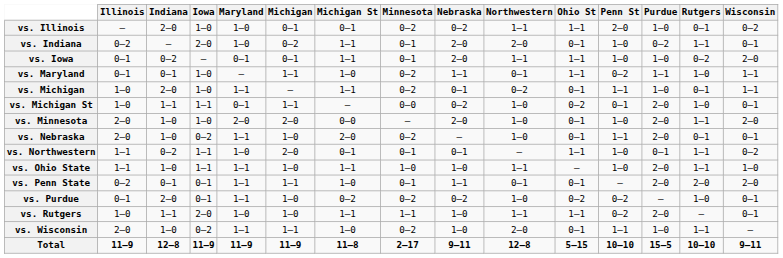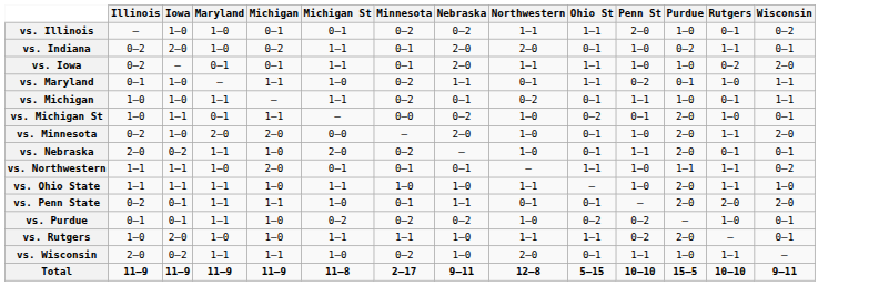 <table class="wikitable" style="white-space:nowrap; font-size:90%; text-align:center;">
 <tr>
 <td style="background:white; border-top-style:hidden; border-left-style:hidden;"></td>
 <th style="background:#">Illinois</th>
-<th style=>Indiana</th>
 <th style=>Iowa</th>
 <th style=>Maryland</th>
 <th style=>Michigan</th>
 <th style=>Michigan St</th>
 <th style=>Minnesota</th>
 <th style=>Nebraska</th>
 <th style=>Northwestern</th>
 <th style=>Ohio St</th>
 <th style=>Penn St</th>
 <th style=>Purdue</th>
 <th style=>Rutgers</th>
 <th style=>Wisconsin</th>
 </tr>
 <tr>
 <th>vs. Illinois</th>
 <td>–</td>
-<td>2–0</td>
 <td>1–0</td>
 <td>1–0</td>
 <td>0–1</td>
 <td>0–1</td>
 <td>0–2</td>
 <td>0–2</td>
 <td>1–1</td>
 <td>1–1</td>
 <td>2–0</td>
 <td>1–0</td>
 <td>0–1</td>
 <td>0–2</td>
 </tr>
 <tr>
 <th>vs. Indiana</th>
 <td>0–2</td>
-<td>–</td>
 <td>2–0</td>
 <td>1–0</td>
 <td>0–2</td>
 <td>1–1</td>
 <td>0–1</td>
 <td>2–0</td>
 <td>2–0</td>
 <td>0–1</td>
 <td>1–0</td>
 <td>0–2</td>
 <td>1–1</td>
 <td>0–1</td>
 </tr>
 <tr>
 <th>vs. Iowa</th>
-<td>0–1</td>
 <td>0–2</td>
 <td>–</td>
 <td>0–1</td>
 <td>0–1</td>
 <td>1–1</td>
 <td>0–1</td>
 <td>2–0</td>
 <td>1–1</td>
 <td>1–1</td>
 <td>1–0</td>
 <td>1–0</td>
 <td>0–2</td>
 <td>2–0</td>
 </tr>
 <tr>
 <th>vs. Maryland</th>
 <td>0–1</td>
-<td>0–1</td>
 <td>1–0</td>
 <td>–</td>
 <td>1–1</td>
 <td>1–0</td>
 <td>0–2</td>
 <td>1–1</td>
 <td>0–1</td>
 <td>1–1</td>
 <td>0–2</td>
-<td>1–1</td>
+<td>0–1</td>
 <td>1–0</td>
 <td>1–1</td>
 </tr>
 <tr>
 <th>vs. Michigan</th>
 <td>1–0</td>
-<td>2–0</td>
 <td>1–0</td>
 <td>1–1</td>
 <td>–</td>
 <td>1–1</td>
 <td>0–2</td>
 <td>0–1</td>
 <td>0–2</td>
 <td>0–1</td>
 <td>1–1</td>
 <td>1–0</td>
 <td>0–1</td>
 <td>1–1</td>
 </tr>
 <tr>
 <th>vs. Michigan St</th>
 <td>1–0</td>
 <td>1–1</td>
-<td>1–1</td>
 <td>0–1</td>
 <td>1–1</td>
 <td>–</td>
 <td>0–0</td>
 <td>0–2</td>
 <td>1–0</td>
 <td>0–2</td>
 <td>0–1</td>
 <td>2–0</td>
 <td>1–0</td>
 <td>0–1</td>
 </tr>
 <tr>
 <th>vs. Minnesota</th>
-<td>2–0</td>
-<td>1–0</td>
+<td>0–2</td>
 <td>1–0</td>
 <td>2–0</td>
 <td>2–0</td>
 <td>0–0</td>
 <td>–</td>
 <td>2–0</td>
 <td>1–0</td>
 <td>0–1</td>
 <td>1–0</td>
 <td>2–0</td>
 <td>1–1</td>
 <td>2–0</td>
 </tr>
 <tr>
 <th>vs. Nebraska</th>
 <td>2–0</td>
-<td>1–0</td>
 <td>0–2</td>
 <td>1–1</td>
 <td>1–0</td>
 <td>2–0</td>
 <td>0–2</td>
 <td>–</td>
 <td>1–0</td>
 <td>0–1</td>
 <td>1–1</td>
 <td>2–0</td>
 <td>0–1</td>
 <td>0–1</td>
 </tr>
 <tr>
 <th>vs. Northwestern</th>
 <td>1–1</td>
-<td>0–2</td>
 <td>1–1</td>
 <td>1–0</td>
 <td>2–0</td>
 <td>0–1</td>
 <td>0–1</td>
 <td>0–1</td>
 <td>–</td>
 <td>1–1</td>
 <td>1–0</td>
-<td>0–1</td>
+<td>1–1</td>
 <td>1–1</td>
 <td>0–2</td>
 </tr>
 <tr>
 <th>vs. Ohio State</th>
 <td>1–1</td>
-<td>1–0</td>
 <td>1–1</td>
 <td>1–1</td>
 <td>1–0</td>
 <td>1–1</td>
 <td>1–0</td>
 <td>1–0</td>
 <td>1–1</td>
 <td>–</td>
 <td>1–0</td>
 <td>2–0</td>
 <td>1–1</td>
 <td>1–0</td>
 </tr>
 <tr>
 <th>vs. Penn State</th>
 <td>0–2</td>
 <td>0–1</td>
-<td>0–1</td>
 <td>1–1</td>
 <td>1–1</td>
 <td>1–0</td>
 <td>0–1</td>
 <td>1–1</td>
 <td>0–1</td>
 <td>0–1</td>
 <td>–</td>
 <td>2–0</td>
 <td>2–0</td>
 <td>2–0</td>
 </tr>
 <tr>
 <th>vs. Purdue</th>
 <td>0–1</td>
-<td>2–0</td>
 <td>0–1</td>
 <td>1–1</td>
 <td>1–0</td>
 <td>0–2</td>
 <td>0–2</td>
 <td>0–2</td>
 <td>1–0</td>
 <td>0–2</td>
 <td>0–2</td>
 <td>–</td>
 <td>1–0</td>
 <td>0–1</td>
 </tr>
 <tr>
 <th>vs. Rutgers</th>
 <td>1–0</td>
-<td>1–1</td>
 <td>2–0</td>
 <td>1–0</td>
 <td>1–0</td>
 <td>1–1</td>
 <td>1–1</td>
 <td>1–0</td>
 <td>1–1</td>
 <td>1–1</td>
 <td>0–2</td>
 <td>2–0</td>
 <td>–</td>
 <td>0–1</td>
 </tr>
 <tr>
 <th>vs. Wisconsin</th>
 <td>2–0</td>
-<td>1–0</td>
 <td>0–2</td>
 <td>1–1</td>
 <td>1–1</td>
 <td>1–0</td>
 <td>0–2</td>
 <td>1–0</td>
 <td>2–0</td>
 <td>0–1</td>
 <td>1–1</td>
 <td>1–0</td>
 <td>1–1</td>
 <td>–</td>
 </tr>
 <tr>
 <th>Total</th>
 <td><strong>11–9</strong></td>
-<td><strong>12–8</strong></td>
 <td><strong>11–9</strong></td>
 <td><strong>11–9</strong></td>
 <td><strong>11–9</strong></td>
 <td><strong>11–8</strong></td>
 <td><strong>2–17</strong></td>
 <td><strong>9–11</strong></td>
 <td><strong>12–8</strong></td>
 <td><strong>5–15</strong></td>
 <td><strong>10–10</strong></td>
 <td><strong>15–5</strong></td>
 <td><strong>10–10</strong></td>
 <td><strong>9–11</strong></td>
 </tr>
 </table>
